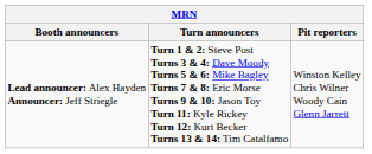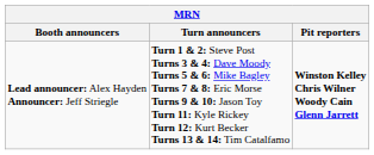 <table class="wikitable" style="font-size: 95%">
 <tr>
 <th colspan="3"><a href='#'>MRN</a></th>
 </tr>
 <tr>
 <th>Booth announcers</th>
 <th>Turn announcers</th>
 <th>Pit reporters</th>
 </tr>
 <tr>
 <td><strong>Lead announcer:</strong> Alex Hayden<br><strong>Announcer:</strong> Jeff Striegle</td>
 <td><strong>Turn 1 & 2:</strong> Steve Post<br><strong>Turns 3 & 4:</strong> <a href='#'>Dave Moody</a><br><strong>Turns 5 & 6:</strong> <a href='#'>Mike Bagley</a><br><strong>Turns 7 & 8:</strong> Eric Morse<br><strong>Turns 9 & 10:</strong> Jason Toy<br><strong>Turn 11:</strong> Kyle Rickey<br><strong>Turn 12:</strong> Kurt Becker<br><strong>Turns 13 & 14:</strong> Tim Catalfamo</td>
-<td>Winston Kelley<br>Chris Wilner<br>Woody Cain<br><a href='#'>Glenn Jarrett</a></td>
+<td><strong>Winston Kelley<br>Chris Wilner<br>Woody Cain<br><a href='#'>Glenn Jarrett</a></strong></td>
 </tr>
 </table>
